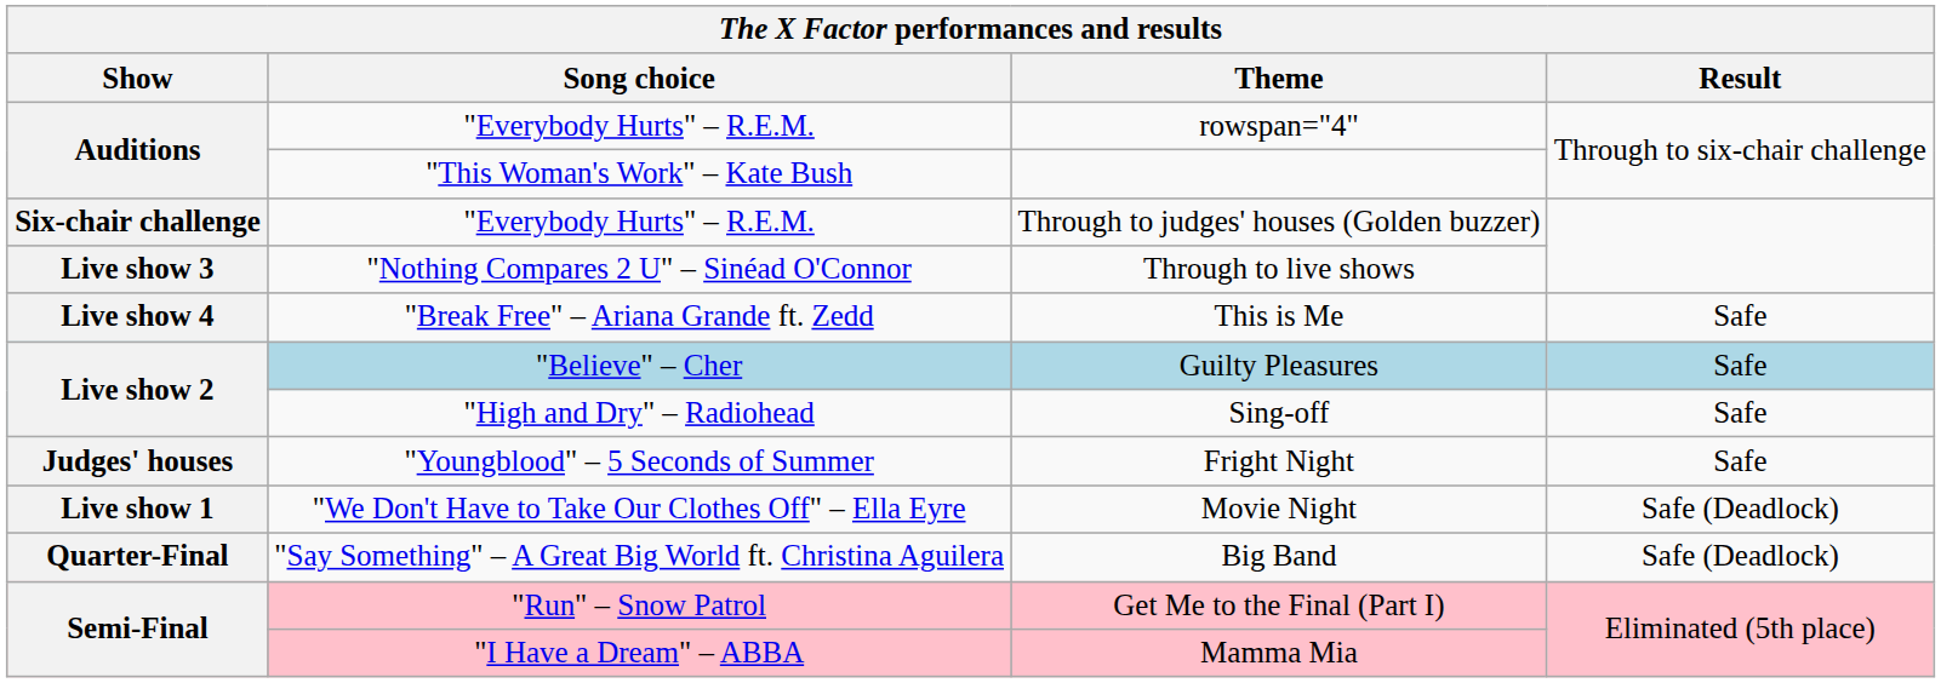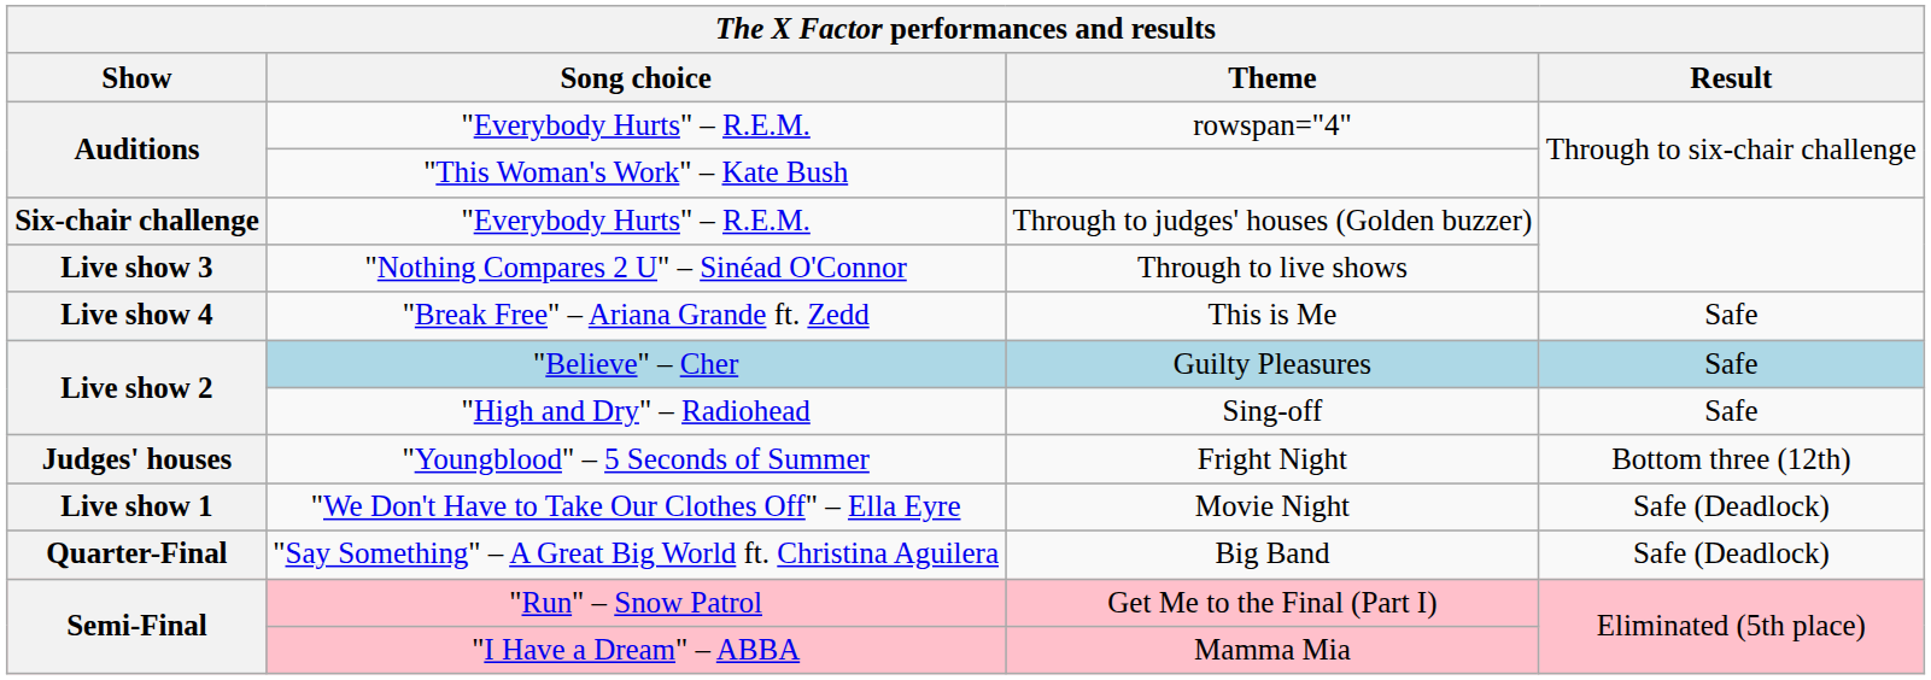 <table class="wikitable collapsible collapsed" style="margin:1em auto 1em auto; text-align:center;">
 <tr>
 <th colspan="4"><em>The X Factor</em> performances and results</th>
 </tr>
 <tr>
 <th style="text-align:centre;">Show</th>
 <th style="text-align:centre;">Song choice</th>
 <th style="text-align:centre;">Theme</th>
 <th style="text-align:centre;">Result</th>
 </tr>
 <tr>
 <th rowspan="2">Auditions</th>
 <td>"<a href='#'>Everybody Hurts</a>" – <a href='#'>R.E.M.</a></td>
 <td>rowspan="4" </td>
 <td rowspan="2">Through to six-chair challenge</td>
 </tr>
 <tr>
 <td>"<a href='#'>This Woman's Work</a>" – <a href='#'>Kate Bush</a></td>
 </tr>
 <tr>
 <th>Six-chair challenge</th>
 <td>"<a href='#'>Everybody Hurts</a>" – <a href='#'>R.E.M.</a></td>
 <td>Through to judges' houses (Golden buzzer)</td>
 </tr>
 <tr>
 <th>Live show 3</th>
 <td>"<a href='#'>Nothing Compares 2 U</a>" – <a href='#'>Sinéad O'Connor</a></td>
 <td>Through to live shows</td>
 </tr>
 <tr>
 <th>Live show 4</th>
 <td>"<a href='#'>Break Free</a>" – <a href='#'>Ariana Grande</a> ft. <a href='#'>Zedd</a></td>
 <td>This is Me</td>
 <td>Safe</td>
 </tr>
 <tr style="background:lightblue;">
 <th rowspan="2">Live show 2</th>
 <td>"<a href='#'>Believe</a>" – <a href='#'>Cher</a></td>
 <td>Guilty Pleasures</td>
 <td>Safe</td>
 </tr>
 <tr>
 <td>"<a href='#'>High and Dry</a>" – <a href='#'>Radiohead</a></td>
 <td>Sing-off</td>
 <td>Safe</td>
 </tr>
 <tr>
 <th>Judges' houses</th>
 <td>"<a href='#'>Youngblood</a>" – <a href='#'>5 Seconds of Summer</a></td>
 <td>Fright Night</td>
-<td>Safe</td>
+<td>Bottom three (12th)</td>
 </tr>
 <tr>
 <th>Live show 1</th>
 <td>"<a href='#'>We Don't Have to Take Our Clothes Off</a>" – <a href='#'>Ella Eyre</a></td>
 <td>Movie Night</td>
 <td>Safe (Deadlock)</td>
 </tr>
 <tr>
 <th>Quarter-Final</th>
 <td>"<a href='#'>Say Something</a>" – <a href='#'>A Great Big World</a> ft. <a href='#'>Christina Aguilera</a></td>
 <td>Big Band</td>
 <td>Safe (Deadlock)</td>
 </tr>
 <tr style="background:pink;">
 <th rowspan="2">Semi-Final</th>
 <td>"<a href='#'>Run</a>" – <a href='#'>Snow Patrol</a></td>
 <td>Get Me to the Final (Part I)</td>
 <td rowspan="2">Eliminated (5th place)</td>
 </tr>
 <tr style="background:pink;">
 <td>"<a href='#'>I Have a Dream</a>" – <a href='#'>ABBA</a></td>
 <td>Mamma Mia</td>
 </tr>
 </table>
